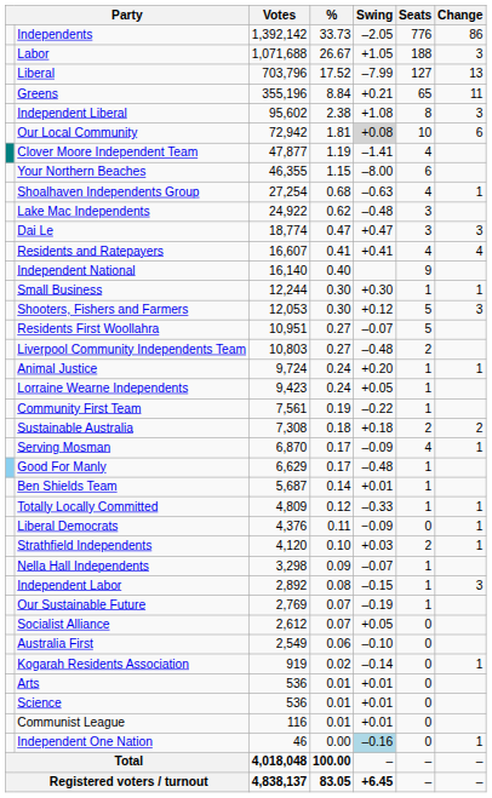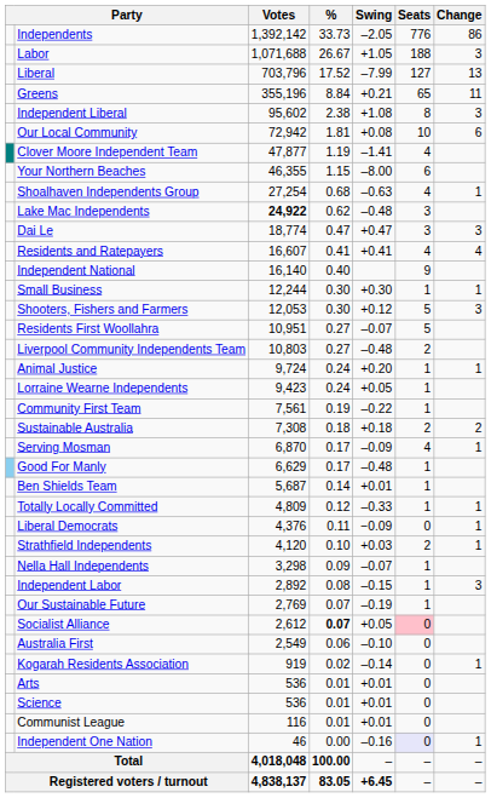 <table class="wikitable" style="text-align:right; margin-bottom:0">
 <tr>
 <th style="width:10px;" colspan=3>Party</th>
 <th style="width:70px;">Votes</th>
 <th style="width:40px;">%</th>
 <th style="width:40px;">Swing</th>
 <th style="width:40px;">Seats</th>
 <th style="width:40px;">Change</th>
 </tr>
 <tr>
 <td> </td>
 <td style="text-align:left;" colspan="2"><a href='#'>Independents</a></td>
 <td>1,392,142</td>
 <td>33.73</td>
 <td>–2.05</td>
 <td>776</td>
 <td> 86</td>
 </tr>
 <tr>
 <td> </td>
 <td style="text-align:left;" colspan="2"><a href='#'>Labor</a></td>
 <td style="width:70px;">1,071,688</td>
 <td style="width:45px;">26.67</td>
 <td style="width:45px;">+1.05</td>
 <td style="width:40px;">188</td>
 <td style="width:55px;"> 3</td>
 </tr>
 <tr>
 <td> </td>
 <td style="text-align:left;" colspan="2"><a href='#'>Liberal</a></td>
 <td>703,796</td>
 <td>17.52</td>
 <td>–7.99</td>
 <td>127</td>
 <td> 13</td>
 </tr>
 <tr>
 <td> </td>
 <td style="text-align:left;" colspan="2"><a href='#'>Greens</a></td>
 <td>355,196</td>
 <td>8.84</td>
 <td>+0.21</td>
 <td>65</td>
 <td> 11</td>
 </tr>
 <tr>
 <td> </td>
 <td style="text-align:left;" colspan="2"><a href='#'>Independent Liberal</a></td>
 <td>95,602</td>
 <td>2.38</td>
 <td>+1.08</td>
 <td>8</td>
 <td> 3</td>
 </tr>
 <tr>
 <td> </td>
 <td style="text-align:left;" colspan="2"><a href='#'>Our Local Community</a></td>
 <td>72,942</td>
 <td>1.81</td>
-<td style="background: lightgrey;">+0.08</td>
+<td>+0.08</td>
 <td>10</td>
 <td> 6</td>
 </tr>
 <tr>
 <td bgcolor="#008080"> </td>
 <td style="text-align:left;" colspan="2"><a href='#'>Clover Moore Independent Team</a></td>
 <td>47,877</td>
 <td>1.19</td>
 <td>–1.41</td>
 <td>4</td>
 <td></td>
 </tr>
 <tr>
 <td> </td>
 <td style="text-align:left;" colspan="2"><a href='#'>Your Northern Beaches</a></td>
 <td>46,355</td>
 <td>1.15</td>
 <td>–8.00</td>
 <td>6</td>
 <td></td>
 </tr>
 <tr>
 <td> </td>
 <td style="text-align:left;" colspan="2"><a href='#'>Shoalhaven Independents Group</a></td>
 <td>27,254</td>
 <td>0.68</td>
 <td>–0.63</td>
 <td>4</td>
 <td> 1</td>
 </tr>
 <tr>
 <td> </td>
 <td style="text-align:left;" colspan="2"><a href='#'>Lake Mac Independents</a></td>
-<td>24,922</td>
+<td><strong>24,922</strong></td>
 <td>0.62</td>
 <td>–0.48</td>
 <td>3</td>
 <td></td>
 </tr>
 <tr>
 <td> </td>
 <td style="text-align:left;" colspan="2"><a href='#'>Dai Le</a></td>
 <td>18,774</td>
 <td>0.47</td>
 <td>+0.47</td>
 <td>3</td>
 <td> 3</td>
 </tr>
 <tr>
 <td> </td>
 <td style="text-align:left;" colspan="2"><a href='#'>Residents and Ratepayers</a></td>
 <td>16,607</td>
 <td>0.41</td>
 <td>+0.41</td>
 <td>4</td>
 <td> 4</td>
 </tr>
 <tr>
 <td> </td>
 <td style="text-align:left;" colspan="2"><a href='#'>Independent National</a></td>
 <td>16,140</td>
 <td>0.40</td>
 <td></td>
 <td>9</td>
 <td></td>
 </tr>
 <tr>
 <td> </td>
 <td style="text-align:left;" colspan="2"><a href='#'>Small Business</a></td>
 <td>12,244</td>
 <td>0.30</td>
 <td>+0.30</td>
 <td>1</td>
 <td> 1</td>
 </tr>
 <tr>
 <td> </td>
 <td style="text-align:left;" colspan="2"><a href='#'>Shooters, Fishers and Farmers</a></td>
 <td>12,053</td>
 <td>0.30</td>
 <td>+0.12</td>
 <td>5</td>
 <td> 3</td>
 </tr>
 <tr>
 <td> </td>
 <td style="text-align:left;" colspan="2"><a href='#'>Residents First Woollahra</a></td>
 <td>10,951</td>
 <td>0.27</td>
 <td>–0.07</td>
 <td>5</td>
 <td></td>
 </tr>
 <tr>
 <td> </td>
 <td style="text-align:left;" colspan="2"><a href='#'>Liverpool Community Independents Team</a></td>
 <td>10,803</td>
 <td>0.27</td>
 <td>–0.48</td>
 <td>2</td>
 <td></td>
 </tr>
 <tr>
 <td> </td>
 <td style="text-align:left;" colspan="2"><a href='#'>Animal Justice</a></td>
 <td>9,724</td>
 <td>0.24</td>
 <td>+0.20</td>
 <td>1</td>
 <td> 1</td>
 </tr>
 <tr>
 <td> </td>
 <td style="text-align:left;" colspan="2"><a href='#'>Lorraine Wearne Independents</a></td>
 <td>9,423</td>
 <td>0.24</td>
 <td>+0.05</td>
 <td>1</td>
 <td></td>
 </tr>
 <tr>
 <td> </td>
 <td style="text-align:left;" colspan="2"><a href='#'>Community First Team</a></td>
 <td>7,561</td>
 <td>0.19</td>
 <td>–0.22</td>
 <td>1</td>
 <td></td>
 </tr>
 <tr>
 <td> </td>
 <td style="text-align:left;" colspan="2"><a href='#'>Sustainable Australia</a></td>
 <td>7,308</td>
 <td>0.18</td>
 <td>+0.18</td>
 <td>2</td>
 <td> 2</td>
 </tr>
 <tr>
 <td> </td>
 <td style="text-align:left;" colspan="2"><a href='#'>Serving Mosman</a></td>
 <td>6,870</td>
 <td>0.17</td>
 <td>–0.09</td>
 <td>4</td>
 <td> 1</td>
 </tr>
 <tr>
 <td bgcolor="#89CFF0"> </td>
 <td style="text-align:left;" colspan="2"><a href='#'>Good For Manly</a></td>
 <td>6,629</td>
 <td>0.17</td>
 <td>–0.48</td>
 <td>1</td>
 <td></td>
 </tr>
 <tr>
 <td> </td>
 <td style="text-align:left;" colspan="2"><a href='#'>Ben Shields Team</a></td>
 <td>5,687</td>
 <td>0.14</td>
 <td>+0.01</td>
 <td>1</td>
 <td></td>
 </tr>
 <tr>
 <td> </td>
 <td style="text-align:left;" colspan="2"><a href='#'>Totally Locally Committed</a></td>
 <td>4,809</td>
 <td>0.12</td>
 <td>–0.33</td>
 <td>1</td>
 <td> 1</td>
 </tr>
 <tr>
 <td> </td>
 <td style="text-align:left;" colspan="2"><a href='#'>Liberal Democrats</a></td>
 <td>4,376</td>
 <td>0.11</td>
 <td>−0.09</td>
 <td>0</td>
 <td> 1</td>
 </tr>
 <tr>
 <td> </td>
 <td style="text-align:left;" colspan="2"><a href='#'>Strathfield Independents</a></td>
 <td>4,120</td>
 <td>0.10</td>
 <td>+0.03</td>
 <td>2</td>
 <td> 1</td>
 </tr>
 <tr>
 <td> </td>
 <td style="text-align:left;" colspan="2"><a href='#'>Nella Hall Independents</a></td>
 <td>3,298</td>
 <td>0.09</td>
 <td>–0.07</td>
 <td>1</td>
 <td></td>
 </tr>
 <tr>
 <td> </td>
 <td style="text-align:left;" colspan="2"><a href='#'>Independent Labor</a></td>
 <td style="width:70px;">2,892</td>
 <td style="width:45px;">0.08</td>
 <td style="width:45px;">–0.15</td>
 <td style="width:40px;">1</td>
 <td style="width:55px;"> 3</td>
 </tr>
 <tr>
 <td> </td>
 <td style="text-align:left;" colspan="2"><a href='#'>Our Sustainable Future</a></td>
 <td>2,769</td>
 <td>0.07</td>
 <td>–0.19</td>
 <td>1</td>
 <td></td>
 </tr>
 <tr>
 <td> </td>
 <td style="text-align:left;" colspan="2"><a href='#'>Socialist Alliance</a></td>
 <td>2,612</td>
-<td>0.07</td>
+<td><strong>0.07</strong></td>
 <td>+0.05</td>
-<td>0</td>
+<td style="background: pink;">0</td>
 <td></td>
 </tr>
 <tr>
 <td> </td>
 <td style="text-align:left;" colspan="2"><a href='#'>Australia First</a></td>
 <td>2,549</td>
 <td>0.06</td>
 <td>–0.10</td>
 <td>0</td>
 <td></td>
 </tr>
 <tr>
 <td> </td>
 <td style="text-align:left;" colspan="2"><a href='#'>Kogarah Residents Association</a></td>
 <td>919</td>
 <td>0.02</td>
 <td>–0.14</td>
 <td>0</td>
 <td> 1</td>
 </tr>
 <tr>
 <td> </td>
 <td style="text-align:left;" colspan="2"><a href='#'>Arts</a></td>
 <td>536</td>
 <td>0.01</td>
 <td>+0.01</td>
 <td>0</td>
 <td></td>
 </tr>
 <tr>
 <td> </td>
 <td style="text-align:left;" colspan="2"><a href='#'>Science</a></td>
 <td>536</td>
 <td>0.01</td>
 <td>+0.01</td>
 <td>0</td>
 <td></td>
 </tr>
 <tr>
 <td> </td>
 <td style="text-align:left;" colspan="2">Communist League</td>
 <td>116</td>
 <td>0.01</td>
 <td>+0.01</td>
 <td>0</td>
 <td></td>
 </tr>
 <tr>
 <td> </td>
 <td style="text-align:left;" colspan="2"><a href='#'>Independent One Nation</a></td>
 <td>46</td>
 <td>0.00</td>
-<td style="background: lightblue;">–0.16</td>
-<td>0</td>
+<td>–0.16</td>
+<td style="background: lavender;">0</td>
 <td> 1</td>
 </tr>
 <tr>
 <th colspan="3"> Total</th>
 <td><strong>4,018,048</strong></td>
 <td><strong>100.00</strong></td>
 <td>–</td>
 <td>–</td>
 <td>–</td>
 </tr>
 <tr>
 <th colspan="3"> Registered voters / turnout</th>
 <td><strong>4,838,137</strong></td>
 <td><strong>83.05</strong></td>
 <td><strong>+6.45</strong></td>
 <td>–</td>
 <td>–</td>
 </tr>
 </table>
